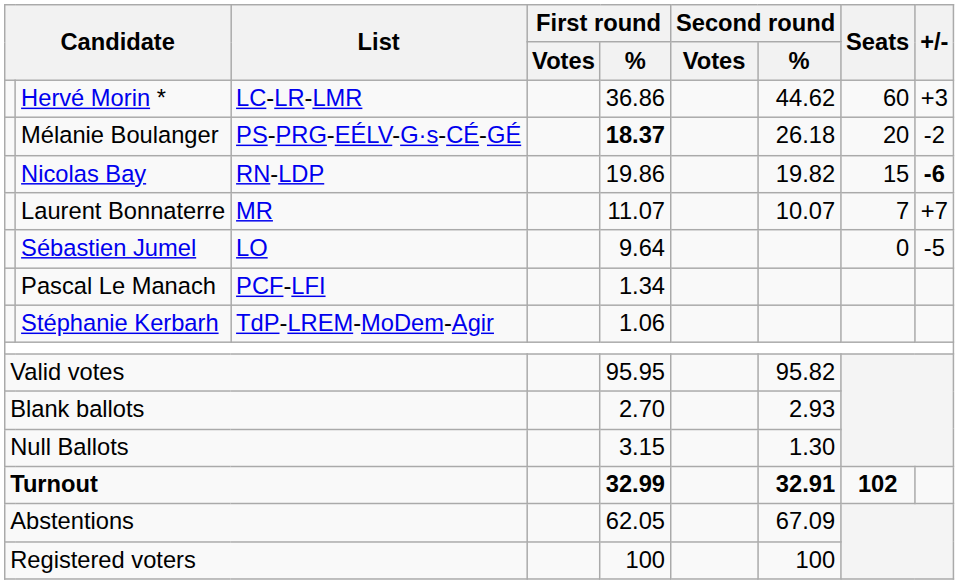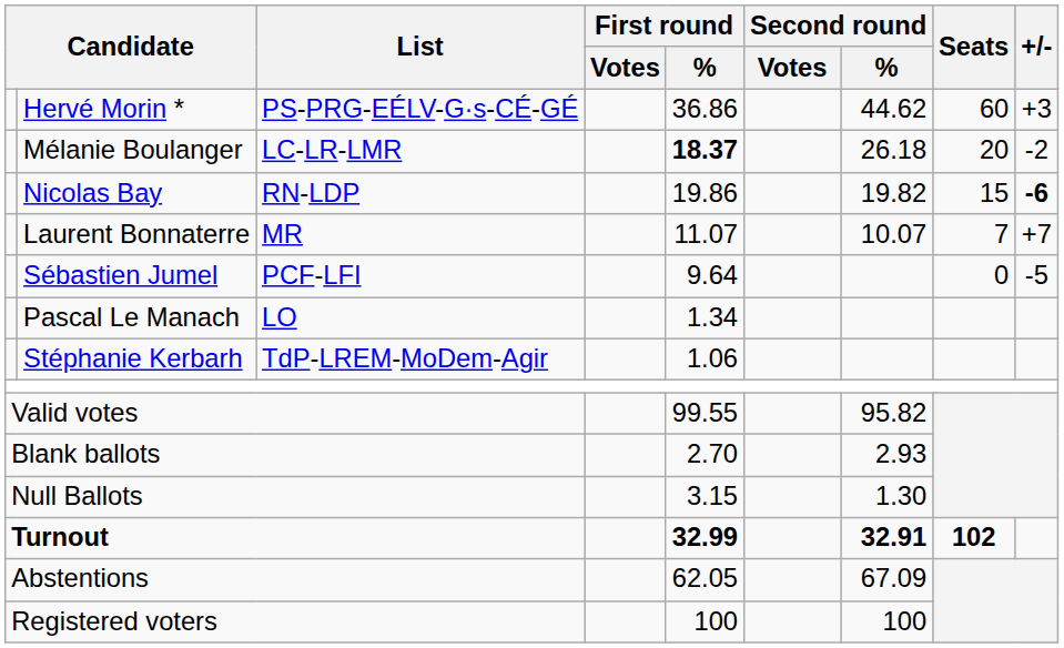 <table class="wikitable centre" style="text-align:right;">
 <tr>
 <th rowspan=2 colspan=2 scope=col>Candidate</th>
 <th rowspan=2 scope=col>List</th>
 <th colspan=2 scope=col>First round</th>
 <th colspan=2 scope=col>Second round</th>
 <th rowspan=2 scope=col>Seats</th>
 <th rowspan=2 scope=col>+/-</th>
 </tr>
 <tr>
 <th scope=col>Votes</th>
 <th scope=col>%</th>
 <th scope=col>Votes</th>
 <th scope=col>%</th>
 </tr>
 <tr>
 <td style="color:inherit;background:"></td>
 <td align="left"><a href='#'>Hervé Morin</a> *</td>
-<td align="left"><a href='#'>LC</a>-<a href='#'>LR</a>-<a href='#'>LMR</a></td>
+<td align="left"><a href='#'>PS</a>-<a href='#'>PRG</a>-<a href='#'>EÉLV</a>-<a href='#'>G·s</a>-<a href='#'>CÉ</a>-<a href='#'>GÉ</a></td>
 <td></td>
 <td>36.86</td>
 <td></td>
 <td>44.62</td>
 <td>60</td>
 <td align="center">+3</td>
 </tr>
 <tr>
 <td style="color:inherit;background:"></td>
 <td align="left">Mélanie Boulanger</td>
-<td align="left"><a href='#'>PS</a>-<a href='#'>PRG</a>-<a href='#'>EÉLV</a>-<a href='#'>G·s</a>-<a href='#'>CÉ</a>-<a href='#'>GÉ</a></td>
+<td align="left"><a href='#'>LC</a>-<a href='#'>LR</a>-<a href='#'>LMR</a></td>
 <td></td>
 <td><strong>18.37</strong></td>
 <td></td>
 <td>26.18</td>
 <td>20</td>
 <td align="center">-2</td>
 </tr>
 <tr>
 <td style="color:inherit;background:"></td>
 <td align="left"><a href='#'>Nicolas Bay</a></td>
 <td align="left"><a href='#'>RN</a>-<a href='#'>LDP</a></td>
 <td></td>
 <td>19.86</td>
 <td></td>
 <td>19.82</td>
 <td>15</td>
 <td align="center"><strong>-6</strong></td>
 </tr>
 <tr>
 <td style="color:inherit;background:"></td>
 <td align="left">Laurent Bonnaterre</td>
 <td align="left"><a href='#'>MR</a></td>
 <td></td>
 <td>11.07</td>
 <td></td>
 <td>10.07</td>
 <td>7</td>
 <td align="center">+7</td>
 </tr>
 <tr>
 <td style="color:inherit;background:"></td>
 <td align="left"><a href='#'>Sébastien Jumel</a></td>
-<td align="left"><a href='#'>LO</a></td>
+<td align="left"><a href='#'>PCF</a>-<a href='#'>LFI</a></td>
 <td></td>
 <td>9.64</td>
 <td></td>
 <td></td>
 <td>0</td>
 <td align="center">-5</td>
 </tr>
 <tr>
 <td style="color:inherit;background:"></td>
 <td align="left">Pascal Le Manach</td>
-<td align="left"><a href='#'>PCF</a>-<a href='#'>LFI</a></td>
+<td align="left"><a href='#'>LO</a></td>
 <td></td>
 <td>1.34</td>
 <td></td>
 <td></td>
 <td></td>
 <td align="center"></td>
 </tr>
 <tr>
 <td style="color:inherit;background:"></td>
 <td align="left"><a href='#'>Stéphanie Kerbarh</a></td>
 <td align="left"><a href='#'>TdP</a>-<a href='#'>LREM</a>-<a href='#'>MoDem</a>-<a href='#'>Agir</a></td>
 <td></td>
 <td>1.06</td>
 <td></td>
 <td></td>
 <td></td>
 <td align="center"></td>
 </tr>
 <tr style="background:white;">
 <td colspan=9></td>
 </tr>
 <tr>
 <td colspan=3 style="text-align:left;">Valid votes</td>
 <td></td>
-<td>95.95</td>
+<td>99.55</td>
 <td></td>
 <td>95.82</td>
 <td colspan="2" rowspan="3" bgcolor=#F4F4F4></td>
 </tr>
 <tr>
 <td colspan=3 style="text-align:left;">Blank ballots</td>
 <td></td>
 <td>2.70</td>
 <td></td>
 <td>2.93</td>
 </tr>
 <tr>
 <td colspan=3 style="text-align:left;">Null Ballots</td>
 <td></td>
 <td>3.15</td>
 <td></td>
 <td>1.30</td>
 </tr>
 <tr style="font-weight:bold;">
 <td colspan=3 style="text-align:left;">Turnout</td>
 <td></td>
 <td>32.99</td>
 <td></td>
 <td>32.91</td>
 <td align=center>102</td>
 <td align=center></td>
 </tr>
 <tr>
 <td colspan=3 style="text-align:left;">Abstentions</td>
 <td></td>
 <td>62.05</td>
 <td></td>
 <td>67.09</td>
 <td colspan="2" rowspan="2" bgcolor=#F4F4F4></td>
 </tr>
 <tr>
 <td colspan=3 style="text-align:left;">Registered voters</td>
 <td></td>
 <td>100</td>
 <td></td>
 <td>100</td>
 </tr>
 </table>
